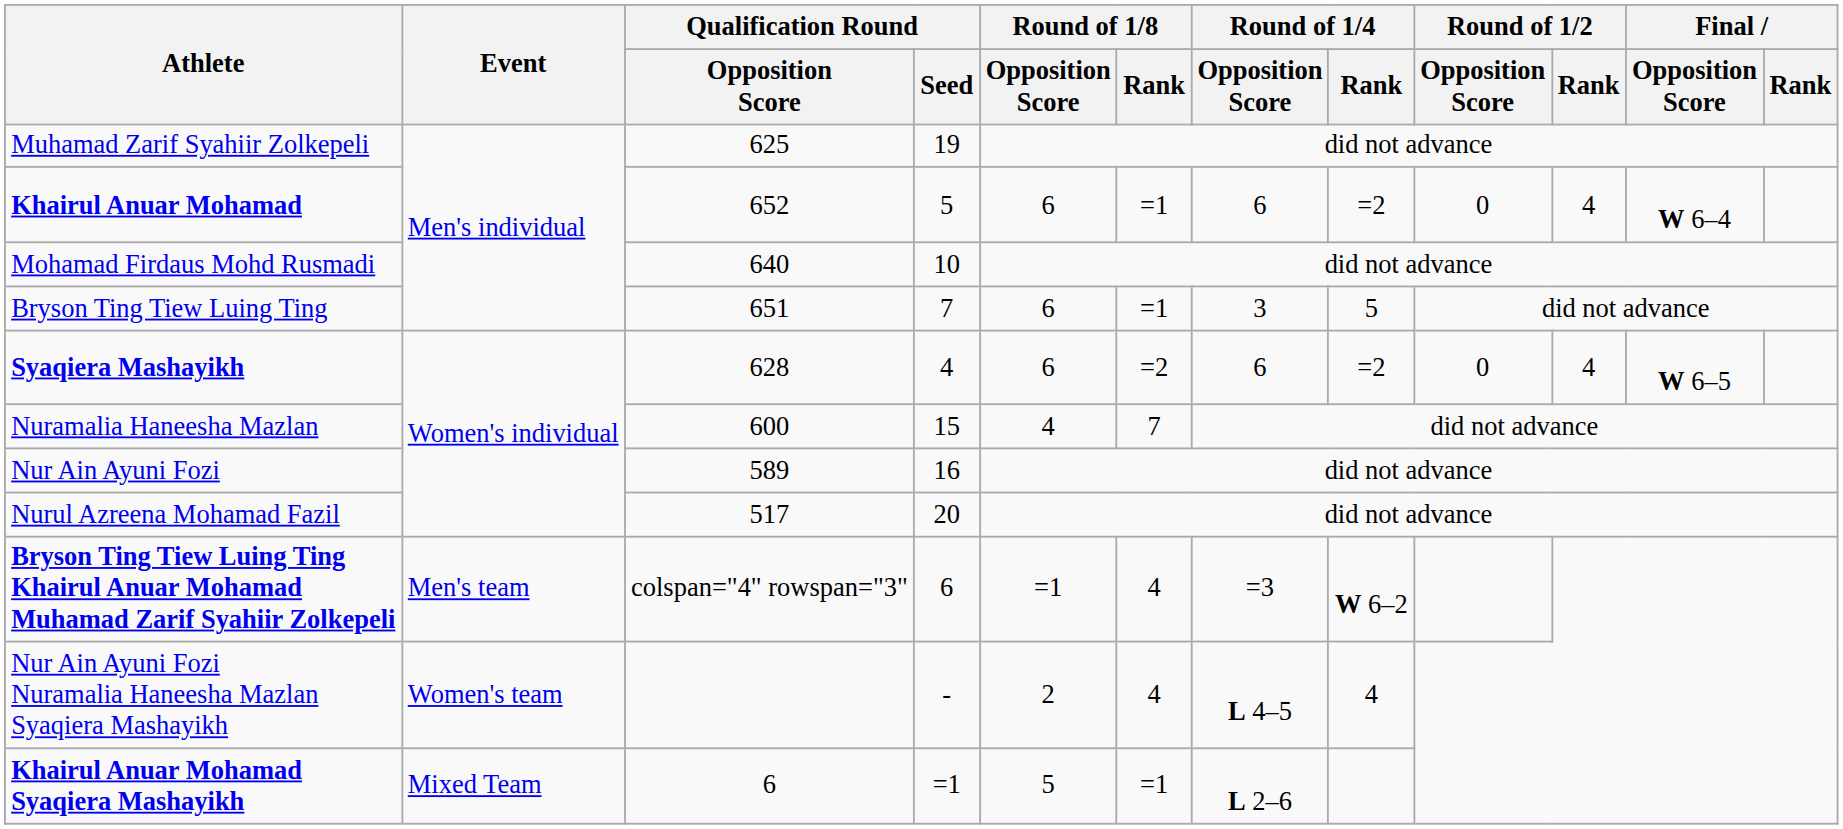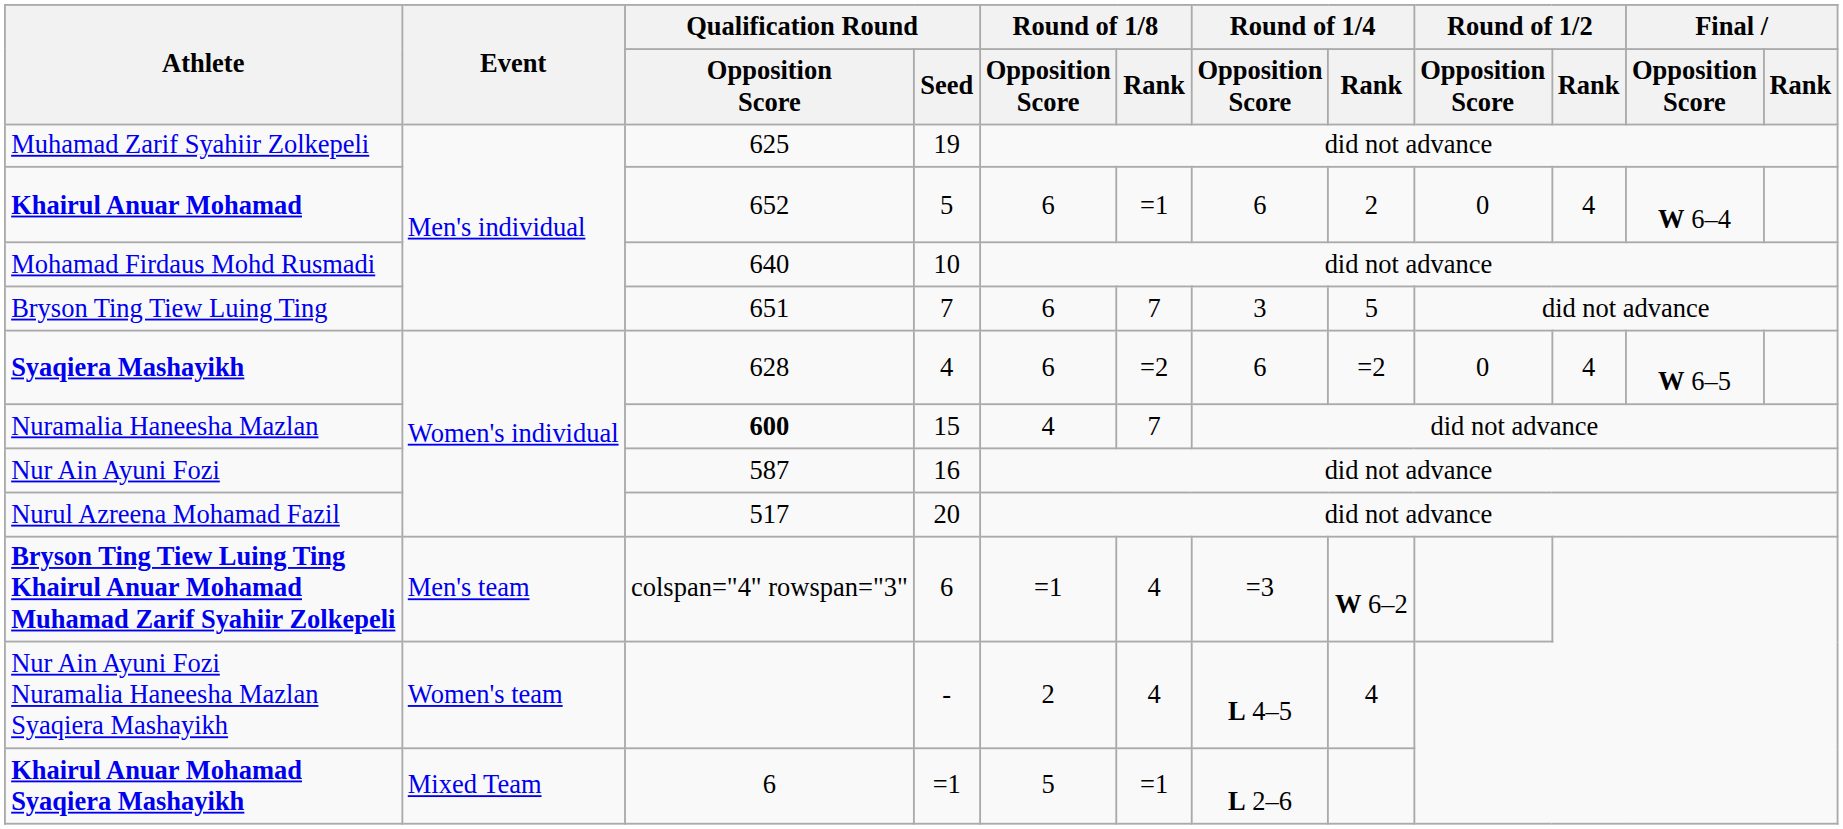 <table class="wikitable" style="text-align:center; font-size:90%">
 <tr>
 <th rowspan="2">Athlete</th>
 <th rowspan="2">Event</th>
 <th colspan="2">Qualification Round</th>
 <th colspan="2">Round of 1/8</th>
 <th colspan="2">Round of 1/4</th>
 <th colspan="2">Round of 1/2</th>
 <th colspan="2">Final / </th>
 </tr>
 <tr style="font size:95%">
 <th>Opposition<br>Score</th>
 <th>Seed</th>
 <th>Opposition<br>Score</th>
 <th>Rank</th>
 <th>Opposition<br>Score</th>
 <th>Rank</th>
 <th>Opposition<br>Score</th>
 <th>Rank</th>
 <th>Opposition<br>Score</th>
 <th>Rank</th>
 </tr>
 <tr>
 <td align=left><a href='#'>Muhamad Zarif Syahiir Zolkepeli</a></td>
 <td align=left rowspan=4><a href='#'>Men's individual</a></td>
 <td>625</td>
 <td>19</td>
 <td colspan="8">did not advance</td>
 </tr>
 <tr>
 <td align=left><strong><a href='#'>Khairul Anuar Mohamad</a></strong></td>
 <td>652</td>
 <td>5</td>
 <td>6</td>
 <td>=1</td>
 <td>6</td>
-<td>=2</td>
+<td>2</td>
 <td>0</td>
 <td>4</td>
 <td><br> <strong>W</strong> 6–4</td>
 <td></td>
 </tr>
 <tr>
 <td align=left><a href='#'>Mohamad Firdaus Mohd Rusmadi</a></td>
 <td>640</td>
 <td>10</td>
 <td colspan="8">did not advance</td>
 </tr>
 <tr>
 <td align=left><a href='#'>Bryson Ting Tiew Luing Ting</a></td>
 <td>651</td>
 <td>7</td>
 <td>6</td>
-<td>=1</td>
+<td>7</td>
 <td>3</td>
 <td>5</td>
 <td colspan="4">did not advance</td>
 </tr>
 <tr>
 <td align=left><strong><a href='#'>Syaqiera Mashayikh</a></strong></td>
 <td align=left rowspan=4><a href='#'>Women's individual</a></td>
 <td>628</td>
 <td>4</td>
 <td>6</td>
 <td>=2</td>
 <td>6</td>
 <td>=2</td>
 <td>0</td>
 <td>4</td>
 <td><br> <strong>W</strong> 6–5</td>
 <td></td>
 </tr>
 <tr>
 <td align=left><a href='#'>Nuramalia Haneesha Mazlan</a></td>
-<td>600</td>
+<td><strong>600</strong></td>
 <td>15</td>
 <td>4</td>
 <td>7</td>
 <td colspan="6">did not advance</td>
 </tr>
 <tr>
 <td align=left><a href='#'>Nur Ain Ayuni Fozi</a></td>
-<td>589</td>
+<td>587</td>
 <td>16</td>
 <td colspan="8">did not advance</td>
 </tr>
 <tr>
 <td align=left><a href='#'>Nurul Azreena Mohamad Fazil</a></td>
 <td>517</td>
 <td>20</td>
 <td colspan="8">did not advance</td>
 </tr>
 <tr>
 <td align=left><strong><a href='#'>Bryson Ting Tiew Luing Ting</a><br><a href='#'>Khairul Anuar Mohamad</a><br><a href='#'>Muhamad Zarif Syahiir Zolkepeli</a></strong></td>
 <td align=left><a href='#'>Men's team</a></td>
 <td>colspan="4" rowspan="3" </td>
 <td>6</td>
 <td>=1</td>
 <td>4</td>
 <td>=3</td>
 <td><br> <strong>W</strong> 6–2</td>
 <td></td>
 </tr>
 <tr>
 <td align=left><a href='#'>Nur Ain Ayuni Fozi</a><br><a href='#'>Nuramalia Haneesha Mazlan</a><br><a href='#'>Syaqiera Mashayikh</a></td>
 <td align=left><a href='#'>Women's team</a></td>
 <td></td>
 <td>-</td>
 <td>2</td>
 <td>4</td>
 <td><br> <strong>L</strong> 4–5</td>
 <td>4</td>
 </tr>
 <tr>
 <td align=left><strong><a href='#'>Khairul Anuar Mohamad</a><br><a href='#'>Syaqiera Mashayikh</a></strong></td>
 <td align=left><a href='#'>Mixed Team</a></td>
 <td>6</td>
 <td>=1</td>
 <td>5</td>
 <td>=1</td>
 <td><br> <strong>L</strong> 2–6</td>
 <td></td>
 </tr>
 </table>
